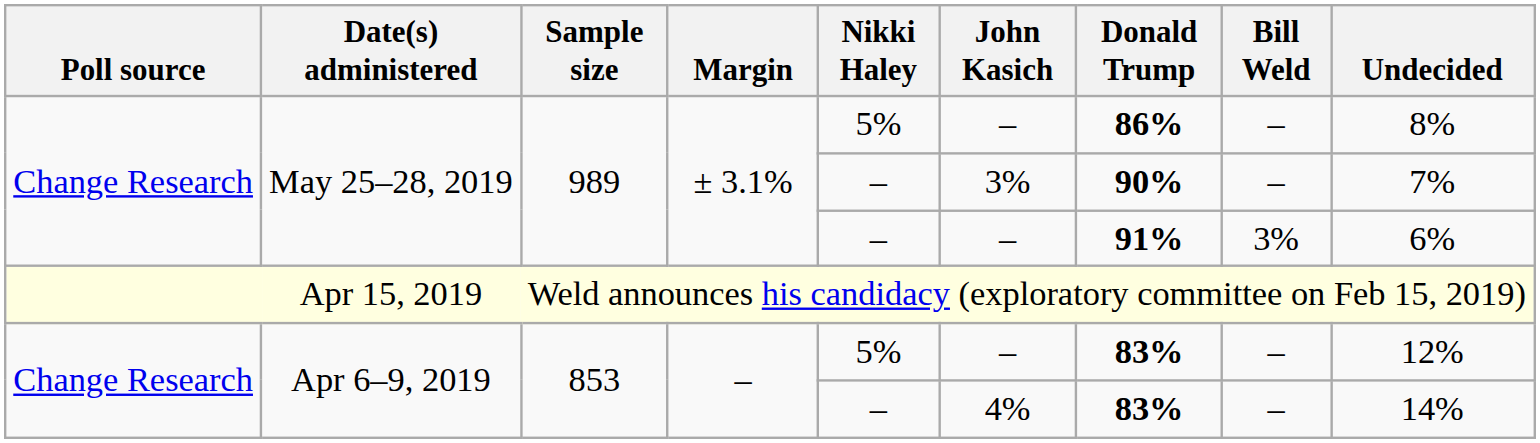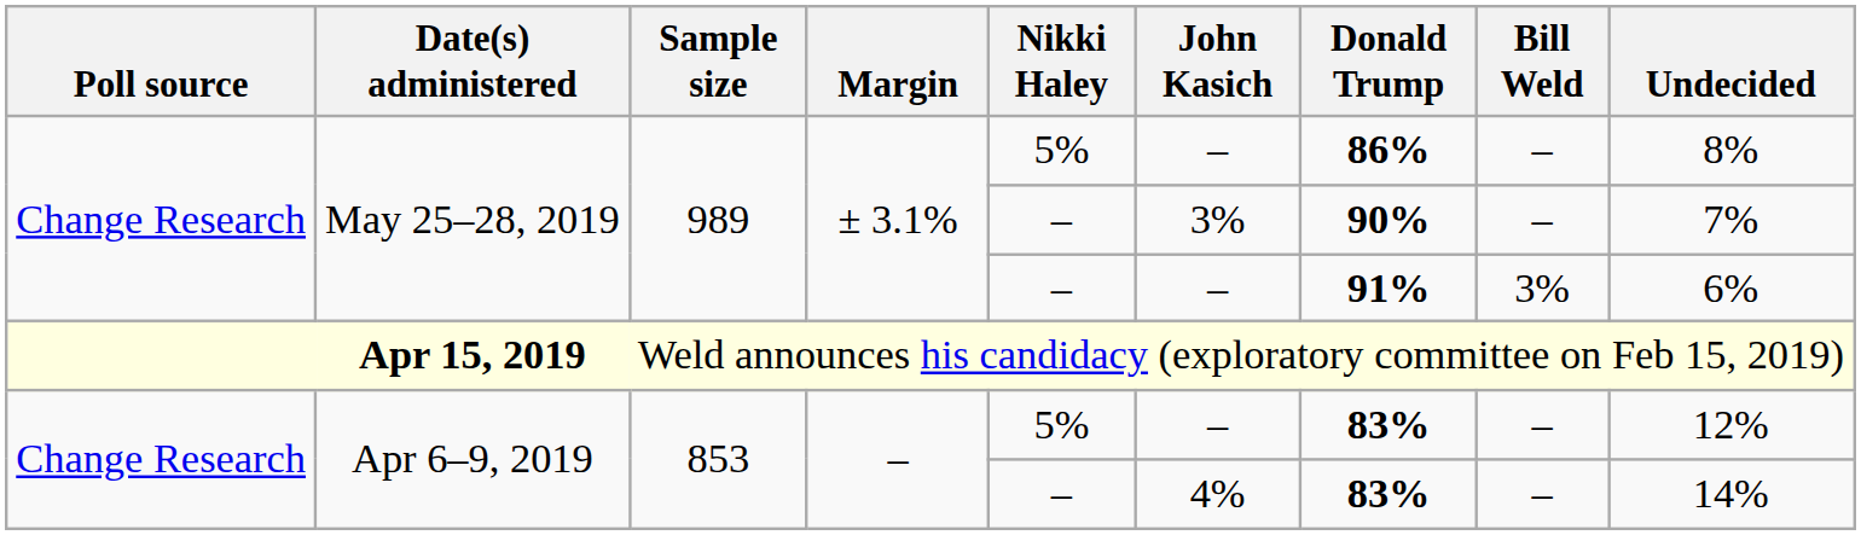 <table class="wikitable" style="font-size:90%;text-align:center;">
 <tr valign=bottom style="font-size:90%;">
 <th>Poll source</th>
 <th>Date(s)<br>administered</th>
 <th>Sample<br>size</th>
 <th>Margin<br></th>
 <th>Nikki<br>Haley</th>
 <th>John<br>Kasich</th>
 <th>Donald<br>Trump</th>
 <th>Bill<br>Weld</th>
 <th>Undecided</th>
 </tr>
 <tr>
 <td rowspan=3 style="text-align:left;"><a href='#'>Change Research</a></td>
 <td rowspan=3>May 25–28, 2019</td>
 <td rowspan=3>989</td>
 <td rowspan=3>± 3.1%</td>
 <td>5%</td>
 <td>–</td>
 <td><strong>86%</strong></td>
 <td>–</td>
 <td>8%</td>
 </tr>
 <tr>
 <td>–</td>
 <td>3%</td>
 <td><strong>90%</strong></td>
 <td>–</td>
 <td>7%</td>
 </tr>
 <tr>
 <td>–</td>
 <td>–</td>
 <td><strong>91%</strong></td>
 <td>3%</td>
 <td>6%</td>
 </tr>
 <tr style="background:lightyellow;">
 <td style="border-right-style:hidden;"></td>
-<td style="border-right-style:hidden;">Apr 15, 2019</td>
+<td style="border-right-style:hidden;"><strong>Apr 15, 2019</strong></td>
 <td colspan="20">Weld announces <a href='#'>his candidacy</a> (exploratory committee on Feb 15, 2019)</td>
 </tr>
 <tr>
 <td rowspan=2 style="text-align:left;"><a href='#'>Change Research</a></td>
 <td rowspan=2>Apr 6–9, 2019</td>
 <td rowspan=2>853</td>
 <td rowspan=2>–</td>
 <td>5%</td>
 <td>–</td>
 <td><strong>83%</strong></td>
 <td>–</td>
 <td>12%</td>
 </tr>
 <tr>
 <td>–</td>
 <td>4%</td>
 <td><strong>83%</strong></td>
 <td>–</td>
 <td>14%</td>
 </tr>
 </table>
